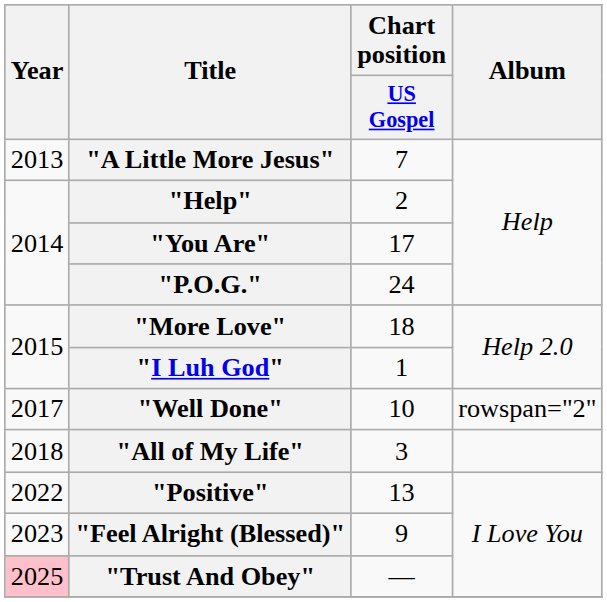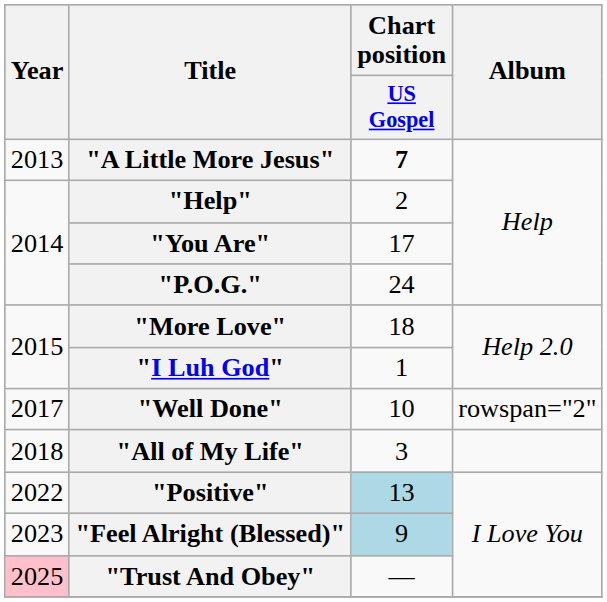 <table class="wikitable plainrowheaders" style="text-align:center;">
 <tr>
 <th rowspan="2" scope="col">Year</th>
 <th scope="col" rowspan="2">Title</th>
 <th scope="col" colspan="1">Chart position</th>
 <th scope="col" rowspan="2">Album</th>
 </tr>
 <tr>
 <th style="width:3em;font-size:85%"><a href='#'>US<br>Gospel</a><br></th>
 </tr>
 <tr>
 <td>2013</td>
 <th scope="row">"A Little More Jesus"</th>
-<td>7</td>
+<td><strong>7</strong></td>
 <td rowspan="4"><em>Help</em></td>
 </tr>
 <tr>
 <td rowspan="3">2014</td>
 <th scope="row">"Help" </th>
 <td>2</td>
 </tr>
 <tr>
 <th scope="row">"You Are"</th>
 <td>17</td>
 </tr>
 <tr>
 <th scope="row">"P.O.G."</th>
 <td>24</td>
 </tr>
 <tr>
 <td rowspan="2">2015</td>
 <th scope="row">"More Love"</th>
 <td>18</td>
 <td rowspan="2"><em>Help 2.0</em></td>
 </tr>
 <tr>
 <th scope="row">"<a href='#'>I Luh God</a>" </th>
 <td>1</td>
 </tr>
 <tr>
 <td>2017</td>
 <th scope="row">"Well Done"</th>
 <td>10</td>
 <td>rowspan="2" </td>
 </tr>
 <tr>
 <td>2018</td>
 <th scope="row">"All of My Life" </th>
 <td>3</td>
 </tr>
 <tr>
 <td>2022</td>
 <th scope="row">"Positive"</th>
-<td>13</td>
+<td style="background: lightblue;">13</td>
 <td rowspan="3"><em>I Love You</em></td>
 </tr>
 <tr>
 <td>2023</td>
 <th scope="row">"Feel Alright (Blessed)"</th>
-<td>9</td>
+<td style="background: lightblue;">9</td>
 </tr>
 <tr>
 <td style="background: pink;">2025</td>
 <th scope="row">"Trust And Obey"</th>
 <td>—</td>
 </tr>
 <tr>
 </tr>
 </table>
